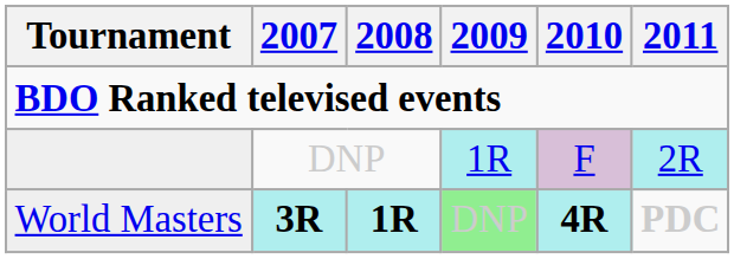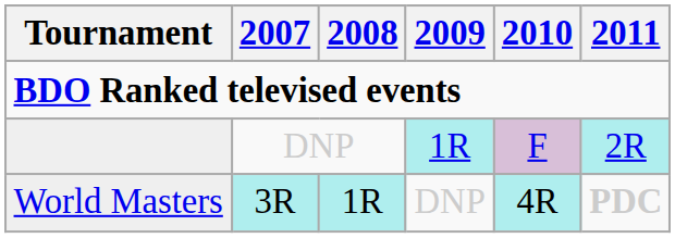 <table class="wikitable">
 <tr>
 <th>Tournament</th>
 <th><a href='#'>2007</a></th>
 <th><a href='#'>2008</a></th>
 <th><a href='#'>2009</a></th>
 <th><a href='#'>2010</a></th>
 <th><a href='#'>2011</a></th>
 </tr>
 <tr>
 <td colspan="8" align="left"><strong><a href='#'>BDO</a> Ranked televised events</strong></td>
 </tr>
 <tr>
 <td style="background:#efefef;"></td>
 <td colspan="2" style="text-align:center; color:#ccc;">DNP</td>
 <td style="text-align:center; background:#afeeee;"><a href='#'>1R</a></td>
 <td style="text-align:center; background:thistle;"><a href='#'>F</a></td>
 <td style="text-align:center; background:#afeeee;"><a href='#'>2R</a></td>
 </tr>
 <tr>
 <td style="background:#efefef;"><a href='#'>World Masters</a></td>
-<td style="text-align:center; background:#afeeee;"><strong>3R</strong></td>
-<td style="text-align:center; background:#afeeee;"><strong>1R</strong></td>
-<td style="background: lightgreen; text-align:center; color:#ccc;">DNP</td>
-<td style="text-align:center; background:#afeeee;"><strong>4R</strong></td>
+<td style="text-align:center; background:#afeeee;">3R</td>
+<td style="text-align:center; background:#afeeee;">1R</td>
+<td style="text-align:center; color:#ccc;">DNP</td>
+<td style="text-align:center; background:#afeeee;">4R</td>
 <td style="text-align:center; color:#ccc;"><strong>PDC</strong></td>
 </tr>
 </table>
